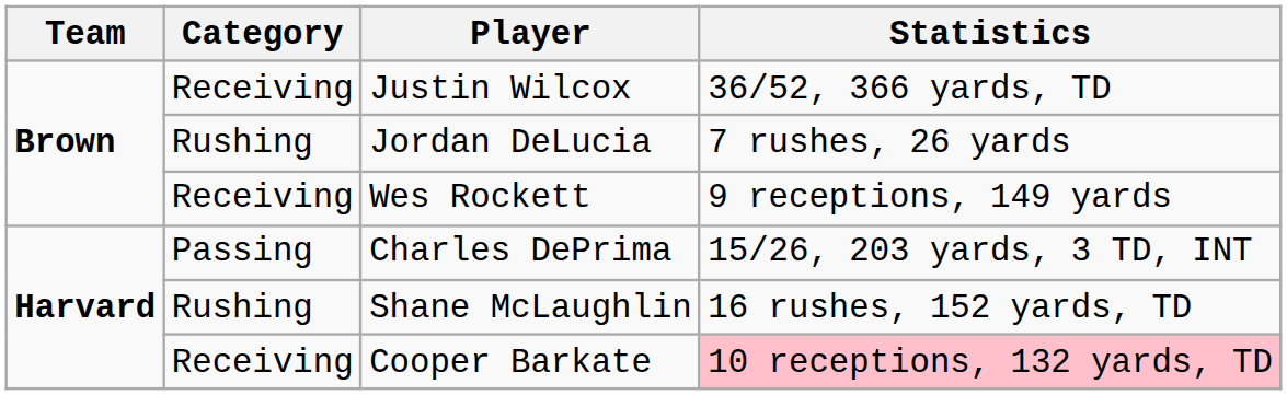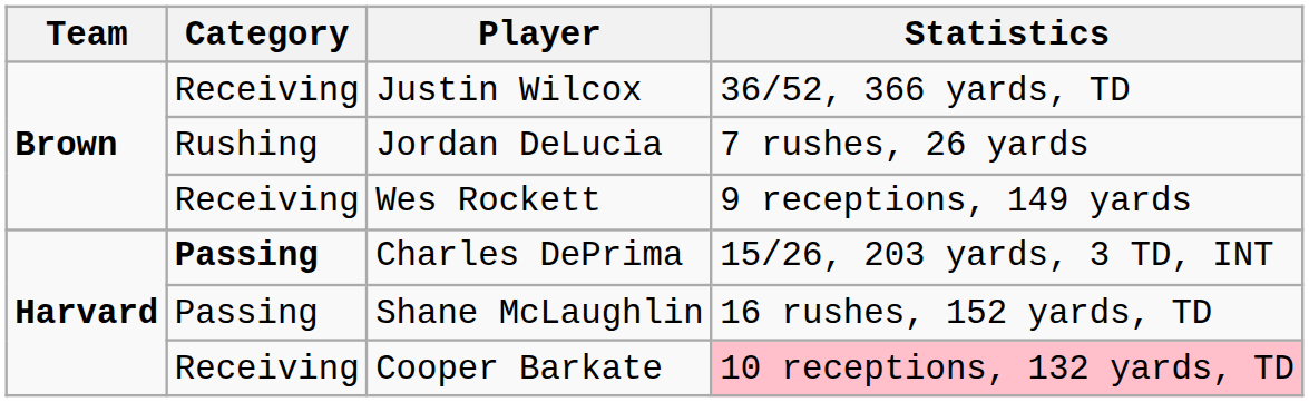 <table class="wikitable" style="float: right;">
 <tr>
 <th>Team</th>
 <th>Category</th>
 <th>Player</th>
 <th>Statistics</th>
 </tr>
 <tr>
 <td rowspan=3><strong>Brown</strong></td>
 <td>Receiving</td>
 <td>Justin Wilcox</td>
 <td>36/52, 366 yards, TD</td>
 </tr>
 <tr>
 <td>Rushing</td>
 <td>Jordan DeLucia</td>
 <td>7 rushes, 26 yards</td>
 </tr>
 <tr>
 <td>Receiving</td>
 <td>Wes Rockett</td>
 <td>9 receptions, 149 yards</td>
 </tr>
 <tr>
 <td rowspan=3><strong>Harvard</strong></td>
-<td>Passing</td>
+<td><strong>Passing</strong></td>
 <td>Charles DePrima</td>
 <td>15/26, 203 yards, 3 TD, INT</td>
 </tr>
 <tr>
-<td>Rushing</td>
+<td>Passing</td>
 <td>Shane McLaughlin</td>
 <td>16 rushes, 152 yards, TD</td>
 </tr>
 <tr>
 <td>Receiving</td>
 <td>Cooper Barkate</td>
 <td style="background: pink;">10 receptions, 132 yards, TD</td>
 </tr>
 </table>
